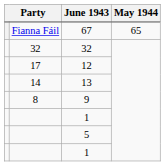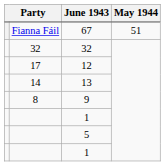 <table class="wikitable" style="font-size: 95%;">
 <tr style="background-color:#E9E9E9; border-bottom: 2px solid gray;">
 <th colspan=2>Party</th>
 <th>June 1943</th>
 <th>May 1944</th>
 </tr>
 <tr>
 <th style="background-color: "></th>
 <td><a href='#'>Fianna Fáil</a></td>
 <td align="center">67</td>
-<td align="center">65</td>
+<td align="center">51</td>
 </tr>
 <tr>
 <td></td>
 <td align="center">32</td>
 <td align="center">32</td>
 </tr>
 <tr>
 <td></td>
 <td align="center">17</td>
 <td align="center">12</td>
 </tr>
 <tr>
 <td></td>
 <td align="center">14</td>
 <td align="center">13</td>
 </tr>
 <tr>
 <td></td>
 <td align="center">8</td>
 <td align="center">9</td>
 </tr>
 <tr>
 <td></td>
 <td></td>
 <td align="center">1</td>
 </tr>
 <tr>
 <td></td>
 <td></td>
 <td align="center">5</td>
 </tr>
 <tr>
 <td></td>
 <td></td>
 <td align="center">1</td>
 </tr>
 </table>
